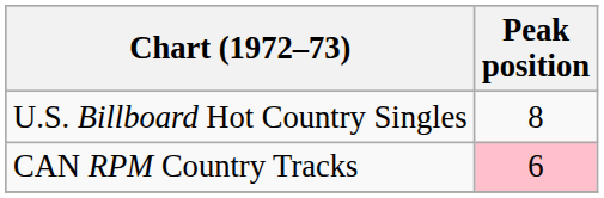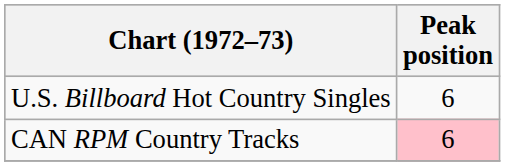 <table class="wikitable sortable">
 <tr>
 <th align="left">Chart (1972–73)</th>
 <th align="center">Peak<br>position</th>
 </tr>
 <tr>
 <td align="left">U.S. <em>Billboard</em> Hot Country Singles</td>
-<td align="center">8</td>
+<td align="center">6</td>
 </tr>
 <tr>
 <td align="left">CAN <em>RPM</em> Country Tracks</td>
 <td align="center" style="background: pink;">6</td>
 </tr>
 <tr>
 </tr>
 </table>
